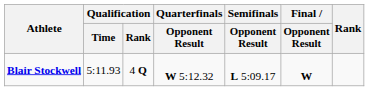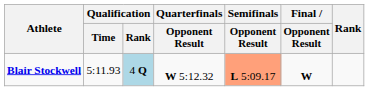 <table class="wikitable" style="font-size:90%;text-align:center;">
 <tr>
 <th rowspan=2>Athlete</th>
 <th colspan=2>Qualification</th>
 <th>Quarterfinals</th>
 <th>Semifinals</th>
 <th>Final / </th>
 <th rowspan=2>Rank</th>
 </tr>
 <tr style="font-size:95%">
 <th>Time</th>
 <th>Rank</th>
 <th>Opponent<br>Result</th>
 <th>Opponent<br>Result</th>
 <th>Opponent<br>Result</th>
 </tr>
 <tr>
 <td style="text-align:left;"><strong><a href='#'>Blair Stockwell</a></strong></td>
 <td>5:11.93</td>
-<td>4 <strong>Q</strong></td>
+<td style="background: lightblue;">4 <strong>Q</strong></td>
 <td><br><strong>W</strong> 5:12.32</td>
-<td><br><strong>L</strong> 5:09.17</td>
+<td style="background: lightsalmon;"><br><strong>L</strong> 5:09.17</td>
 <td><br><strong>W</strong> </td>
 <td></td>
 </tr>
 </table>
